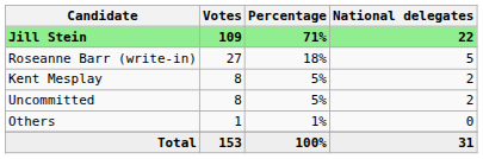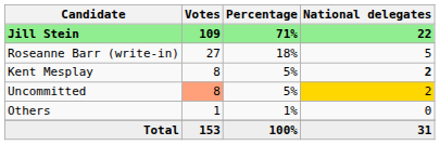 <table class="wikitable" style="text-align:right;">
 <tr>
 <th>Candidate</th>
 <th>Votes</th>
 <th>Percentage</th>
 <th>National delegates</th>
 </tr>
 <tr style="background:lightgreen;">
 <td style="text-align:left;"><strong>Jill Stein</strong></td>
 <td><strong>109</strong></td>
 <td><strong>71%</strong></td>
 <td><strong>22</strong></td>
 </tr>
 <tr>
 <td style="text-align:left;">Roseanne Barr (write-in)</td>
 <td>27</td>
 <td>18%</td>
 <td>5</td>
 </tr>
 <tr>
 <td style="text-align:left;">Kent Mesplay</td>
 <td>8</td>
 <td>5%</td>
-<td>2</td>
+<td><strong>2</strong></td>
 </tr>
 <tr>
 <td style="text-align:left;">Uncommitted</td>
-<td>8</td>
+<td style="background: lightsalmon;">8</td>
 <td>5%</td>
-<td>2</td>
+<td style="background: gold;">2</td>
 </tr>
 <tr>
 <td style="text-align:left;">Others</td>
 <td>1</td>
 <td>1%</td>
 <td>0</td>
 </tr>
 <tr>
 </tr>
 <tr style="background:#eee;">
 <td style="margin-right:0.50px"><strong>Total</strong></td>
 <td style="margin-right:0.50px"><strong>153</strong></td>
 <td style="margin-right:0.50px"><strong>100%</strong></td>
 <td style="margin-right:0.50px"><strong>31</strong></td>
 </tr>
 </table>
